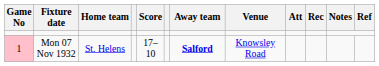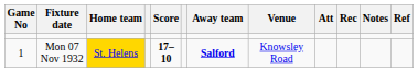 <table class="wikitable" style="text-align:center;">
 <tr>
 <th width=20 abbr="No">Game No</th>
 <th width=100 abbr="Date">Fixture date</th>
 <th width=150 abbr="Home team">Home team</th>
 <th width=5 abbr="space"></th>
 <th width=20 abbr="Score">Score</th>
 <th width=5 abbr="space"></th>
 <th width=150 abbr="Away team">Away team</th>
 <th width=150 abbr="Venue">Venue</th>
 <th width=30 abbr="Att">Att</th>
 <th width=30 abbr="Rec">Rec</th>
 <th width=20 abbr="Notes">Notes</th>
 <th width=30 abbr="Ref">Ref</th>
 </tr>
 <tr>
 <td></td>
 <td></td>
 <td></td>
 <td></td>
 <td></td>
 <td></td>
 <td></td>
 <td></td>
 <td></td>
 <td></td>
 </tr>
 <tr>
-<td style="background: pink;">1</td>
+<td>1</td>
 <td>Mon 07 Nov 1932</td>
-<td><a href='#'>St. Helens</a></td>
+<td style="background: gold;"><a href='#'>St. Helens</a></td>
 <td></td>
-<td>17–10</td>
+<td><strong>17–10</strong></td>
 <td></td>
 <td><strong><a href='#'>Salford</a></strong></td>
 <td><a href='#'>Knowsley Road</a></td>
 <td></td>
 <td></td>
 <td></td>
 <td></td>
 </tr>
 </table>
